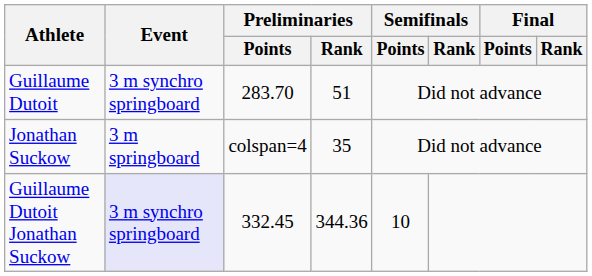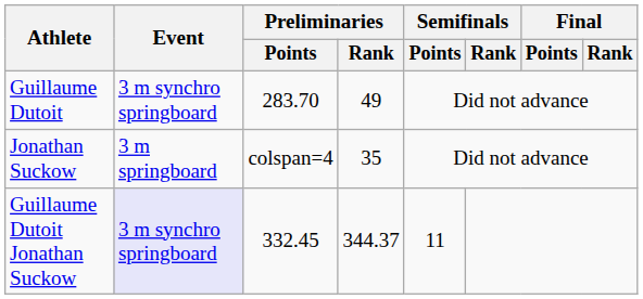 <table class="wikitable" style="text-align:center; font-size:90%; width:50%;">
 <tr>
 <th rowspan=2>Athlete</th>
 <th rowspan=2>Event</th>
 <th colspan=2>Preliminaries</th>
 <th colspan=2>Semifinals</th>
 <th colspan=2>Final</th>
 </tr>
 <tr style="font-size:95%">
 <th>Points</th>
 <th>Rank</th>
 <th>Points</th>
 <th>Rank</th>
 <th>Points</th>
 <th>Rank</th>
 </tr>
 <tr>
 <td align=left><a href='#'>Guillaume Dutoit</a></td>
 <td align=left><a href='#'>3 m synchro springboard</a></td>
 <td>283.70</td>
-<td>51</td>
+<td>49</td>
 <td colspan=4>Did not advance</td>
 </tr>
 <tr>
 <td align=left><a href='#'>Jonathan Suckow</a></td>
 <td align=left><a href='#'>3 m springboard</a></td>
 <td>colspan=4 </td>
 <td>35</td>
 <td colspan=4>Did not advance</td>
 </tr>
 <tr>
 <td align=left><a href='#'>Guillaume Dutoit</a><br> <a href='#'>Jonathan Suckow</a></td>
 <td align=left style="background: lavender;"><a href='#'>3 m synchro springboard</a></td>
 <td>332.45</td>
-<td>344.36</td>
-<td>10</td>
+<td>344.37</td>
+<td>11</td>
 </tr>
 </table>
